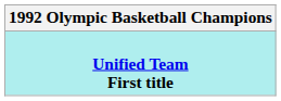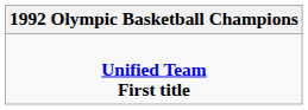 <table class=wikitable style="text-align:center;">
 <tr>
 <th>1992 Olympic Basketball Champions</th>
 </tr>
 <tr>
-<td style="background: paleturquoise;"> <br> <strong><a href='#'>Unified Team</a></strong> <br> <strong>First title</strong></td>
+<td> <br> <strong><a href='#'>Unified Team</a></strong> <br> <strong>First title</strong></td>
 </tr>
 </table>
